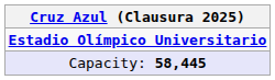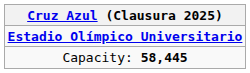 <table class="wikitable" style="text-align:center">
 <tr>
 <th><a href='#'>Cruz Azul</a> (Clausura 2025)</th>
 </tr>
 <tr>
 <td><strong><a href='#'>Estadio Olímpico Universitario</a></strong></td>
 </tr>
 <tr>
-<td style="background: lavender;">Capacity: <strong>58,445</strong></td>
+<td>Capacity: <strong>58,445</strong></td>
 </tr>
 <tr>
 </tr>
 </table>
